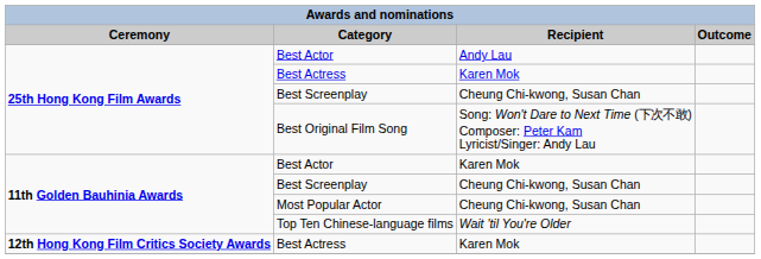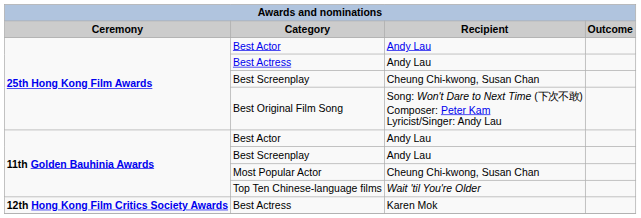 <table class="wikitable" style="font-size:95%;" ;>
 <tr style="background:#ccc; text-align:center;">
 <th colspan="4" style="background: LightSteelBlue;">Awards and nominations</th>
 </tr>
 <tr style="background:#ccc; text-align:center;">
 <th style="background:#ccc">Ceremony</th>
 <th style="background:#ccc">Category</th>
 <th style="background:#ccc">Recipient</th>
 <th style="background:#ccc">Outcome</th>
 </tr>
 <tr>
 <td rowspan=4><strong><a href='#'>25th Hong Kong Film Awards</a></strong></td>
 <td><a href='#'>Best Actor</a></td>
 <td><a href='#'>Andy Lau</a></td>
 <td></td>
 </tr>
 <tr>
 <td><a href='#'>Best Actress</a></td>
-<td><a href='#'>Karen Mok</a></td>
+<td>Andy Lau</td>
 <td></td>
 </tr>
 <tr>
 <td>Best Screenplay</td>
 <td>Cheung Chi-kwong, Susan Chan</td>
 <td></td>
 </tr>
 <tr>
 <td>Best Original Film Song</td>
 <td>Song: <em>Won't Dare to Next Time</em> (下次不敢)<br>Composer: <a href='#'>Peter Kam</a> <br>Lyricist/Singer: Andy Lau</td>
 <td></td>
 </tr>
 <tr>
 <td rowspan=4><strong>11th <a href='#'>Golden Bauhinia Awards</a></strong></td>
 <td>Best Actor</td>
-<td>Karen Mok</td>
+<td>Andy Lau</td>
 <td></td>
 </tr>
 <tr>
 <td>Best Screenplay</td>
-<td>Cheung Chi-kwong, Susan Chan</td>
+<td>Andy Lau</td>
 <td></td>
 </tr>
 <tr>
 <td>Most Popular Actor</td>
 <td>Cheung Chi-kwong, Susan Chan</td>
 <td></td>
 </tr>
 <tr>
 <td>Top Ten Chinese-language films</td>
 <td><em>Wait 'til You're Older</em></td>
 <td></td>
 </tr>
 <tr>
 <td><strong>12th <a href='#'>Hong Kong Film Critics Society Awards</a></strong></td>
 <td>Best Actress</td>
 <td>Karen Mok</td>
 <td></td>
 </tr>
 <tr>
 </tr>
 </table>
